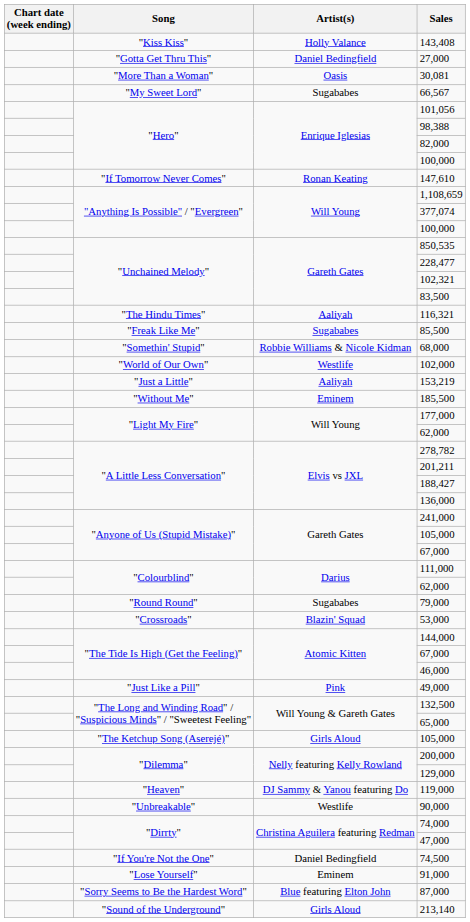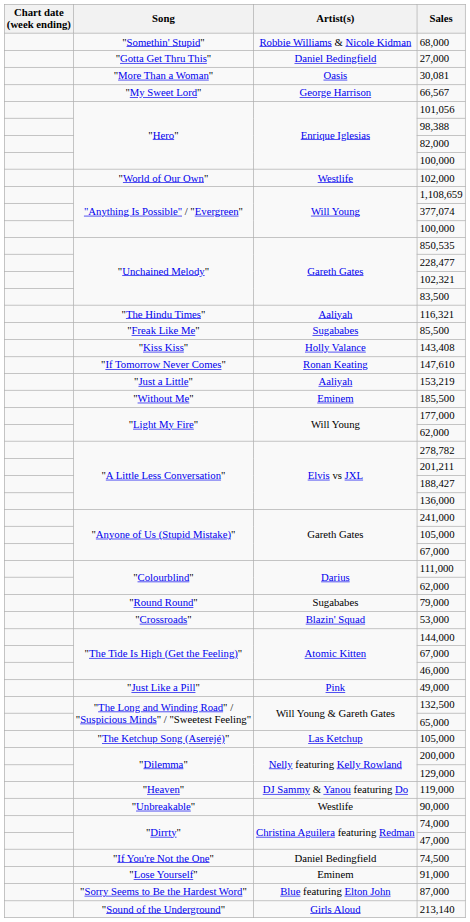 <table class="wikitable plainrowheaders">
 <tr>
 <th style="text-align:center;">Chart date <br>(week ending)</th>
 <th style="text-align:center;">Song</th>
 <th style="text-align:center;">Artist(s)</th>
 <th style="text-align:center;">Sales</th>
 </tr>
 <tr>
 <td style="text-align:left;"></td>
-<td style="text-align:center;">"<a href='#'>Kiss Kiss</a>"</td>
-<td style="text-align:center;"><a href='#'>Holly Valance</a></td>
-<td style="text-align:left;">143,408</td>
+<td style="text-align:center;">"<a href='#'>Somethin' Stupid</a>"</td>
+<td style="text-align:center;"><a href='#'>Robbie Williams</a> & <a href='#'>Nicole Kidman</a></td>
+<td style="text-align:left;">68,000</td>
 </tr>
 <tr>
 <td style="text-align:left;"></td>
 <td style="text-align:center;">"<a href='#'>Gotta Get Thru This</a>"</td>
 <td style="text-align:center;"><a href='#'>Daniel Bedingfield</a></td>
 <td style="text-align:left;">27,000</td>
 </tr>
 <tr>
 <td style="text-align:left;"></td>
 <td style="text-align:center;">"<a href='#'>More Than a Woman</a>"</td>
 <td style="text-align:center;"><a href='#'>Oasis</a></td>
 <td style="text-align:left;">30,081</td>
 </tr>
 <tr>
 <td style="text-align:left;"></td>
 <td style="text-align:center;">"<a href='#'>My Sweet Lord</a>"</td>
-<td style="text-align:center;">Sugababes</td>
+<td style="text-align:center;"><a href='#'>George Harrison</a></td>
 <td style="text-align:left;">66,567</td>
 </tr>
 <tr>
 <td style="text-align:left;"></td>
 <td style="text-align:center;" rowspan="4">"<a href='#'>Hero</a>"</td>
 <td style="text-align:center;" rowspan="4"><a href='#'>Enrique Iglesias</a></td>
 <td style="text-align:left;">101,056</td>
 </tr>
 <tr>
 <td style="text-align:left;"></td>
 <td style="text-align:left;">98,388</td>
 </tr>
 <tr>
 <td style="text-align:left;"></td>
 <td style="text-align:left;">82,000</td>
 </tr>
 <tr>
 <td style="text-align:left;"></td>
 <td style="text-align:left;">100,000</td>
 </tr>
 <tr>
 <td style="text-align:left;"></td>
-<td style="text-align:center;">"<a href='#'>If Tomorrow Never Comes</a>"</td>
-<td style="text-align:center;"><a href='#'>Ronan Keating</a></td>
-<td style="text-align:left;">147,610</td>
+<td style="text-align:center;">"<a href='#'>World of Our Own</a>"</td>
+<td style="text-align:center;"><a href='#'>Westlife</a></td>
+<td style="text-align:left;">102,000</td>
 </tr>
 <tr>
 <td style="text-align:left;"></td>
 <td style="text-align:center;" rowspan="3"><a href='#'>"Anything Is Possible"</a> / "<a href='#'>Evergreen</a>"</td>
 <td style="text-align:center;" rowspan="3"><a href='#'>Will Young</a></td>
 <td style="text-align:left;">1,108,659</td>
 </tr>
 <tr>
 <td style="text-align:left;"></td>
 <td style="text-align:left;">377,074</td>
 </tr>
 <tr>
 <td style="text-align:left;"></td>
 <td style="text-align:left;">100,000</td>
 </tr>
 <tr>
 <td style="text-align:left;"></td>
 <td style="text-align:center;" rowspan="4">"<a href='#'>Unchained Melody</a>"</td>
 <td style="text-align:center;" rowspan="4"><a href='#'>Gareth Gates</a></td>
 <td style="text-align:left;">850,535</td>
 </tr>
 <tr>
 <td style="text-align:left;"></td>
 <td style="text-align:left;">228,477</td>
 </tr>
 <tr>
 <td style="text-align:left;"></td>
 <td style="text-align:left;">102,321</td>
 </tr>
 <tr>
 <td style="text-align:left;"></td>
 <td style="text-align:left;">83,500</td>
 </tr>
 <tr>
 <td style="text-align:left;"></td>
 <td style="text-align:center;">"<a href='#'>The Hindu Times</a>"</td>
 <td style="text-align:center;"><a href='#'>Aaliyah</a></td>
 <td style="text-align:left;">116,321</td>
 </tr>
 <tr>
 <td style="text-align:left;"></td>
 <td style="text-align:center;">"<a href='#'>Freak Like Me</a>"</td>
 <td style="text-align:center;"><a href='#'>Sugababes</a></td>
 <td style="text-align:left;">85,500</td>
 </tr>
 <tr>
 <td style="text-align:left;"></td>
-<td style="text-align:center;">"<a href='#'>Somethin' Stupid</a>"</td>
-<td style="text-align:center;"><a href='#'>Robbie Williams</a> & <a href='#'>Nicole Kidman</a></td>
-<td style="text-align:left;">68,000</td>
+<td style="text-align:center;">"<a href='#'>Kiss Kiss</a>"</td>
+<td style="text-align:center;"><a href='#'>Holly Valance</a></td>
+<td style="text-align:left;">143,408</td>
 </tr>
 <tr>
 <td style="text-align:left;"></td>
-<td style="text-align:center;">"<a href='#'>World of Our Own</a>"</td>
-<td style="text-align:center;"><a href='#'>Westlife</a></td>
-<td style="text-align:left;">102,000</td>
+<td style="text-align:center;">"<a href='#'>If Tomorrow Never Comes</a>"</td>
+<td style="text-align:center;"><a href='#'>Ronan Keating</a></td>
+<td style="text-align:left;">147,610</td>
 </tr>
 <tr>
 <td style="text-align:left;"></td>
 <td style="text-align:center;">"<a href='#'>Just a Little</a>"</td>
 <td style="text-align:center;"><a href='#'>Aaliyah</a></td>
 <td style="text-align:left;">153,219</td>
 </tr>
 <tr>
 <td style="text-align:left;"></td>
 <td style="text-align:center;">"<a href='#'>Without Me</a>"</td>
 <td style="text-align:center;"><a href='#'>Eminem</a></td>
 <td style="text-align:left;">185,500</td>
 </tr>
 <tr>
 <td style="text-align:left;"></td>
 <td style="text-align:center;" rowspan="2">"<a href='#'>Light My Fire</a>"</td>
 <td style="text-align:center;" rowspan="2">Will Young</td>
 <td style="text-align:left;">177,000</td>
 </tr>
 <tr>
 <td style="text-align:left;"></td>
 <td style="text-align:left;">62,000</td>
 </tr>
 <tr>
 <td style="text-align:left;"></td>
 <td style="text-align:center;" rowspan="4">"<a href='#'>A Little Less Conversation</a>"</td>
 <td style="text-align:center;" rowspan="4"><a href='#'>Elvis</a> vs <a href='#'>JXL</a></td>
 <td style="text-align:left;">278,782</td>
 </tr>
 <tr>
 <td style="text-align:left;"></td>
 <td style="text-align:left;">201,211</td>
 </tr>
 <tr>
 <td style="text-align:left;"></td>
 <td style="text-align:left;">188,427</td>
 </tr>
 <tr>
 <td style="text-align:left;"></td>
 <td style="text-align:left;">136,000</td>
 </tr>
 <tr>
 <td style="text-align:left;"></td>
 <td style="text-align:center;" rowspan="3">"<a href='#'>Anyone of Us (Stupid Mistake)</a>"</td>
 <td style="text-align:center;" rowspan="3">Gareth Gates</td>
 <td style="text-align:left;">241,000</td>
 </tr>
 <tr>
 <td style="text-align:left;"></td>
 <td style="text-align:left;">105,000</td>
 </tr>
 <tr>
 <td style="text-align:left;"></td>
 <td style="text-align:left;">67,000</td>
 </tr>
 <tr>
 <td style="text-align:left;"></td>
 <td style="text-align:center;" rowspan="2">"<a href='#'>Colourblind</a>"</td>
 <td style="text-align:center;" rowspan="2"><a href='#'>Darius</a></td>
 <td style="text-align:left;">111,000</td>
 </tr>
 <tr>
 <td style="text-align:left;"></td>
 <td style="text-align:left;">62,000</td>
 </tr>
 <tr>
 <td style="text-align:left;"></td>
 <td style="text-align:center;">"<a href='#'>Round Round</a>"</td>
 <td style="text-align:center;">Sugababes</td>
 <td style="text-align:left;">79,000</td>
 </tr>
 <tr>
 <td style="text-align:left;"></td>
 <td style="text-align:center;">"<a href='#'>Crossroads</a>"</td>
 <td style="text-align:center;"><a href='#'>Blazin' Squad</a></td>
 <td style="text-align:left;">53,000</td>
 </tr>
 <tr>
 <td style="text-align:left;"></td>
 <td style="text-align:center;" rowspan="3">"<a href='#'>The Tide Is High (Get the Feeling)</a>"</td>
 <td style="text-align:center;" rowspan="3"><a href='#'>Atomic Kitten</a></td>
 <td style="text-align:left;">144,000</td>
 </tr>
 <tr>
 <td style="text-align:left;"></td>
 <td style="text-align:left;">67,000</td>
 </tr>
 <tr>
 <td style="text-align:left;"></td>
 <td style="text-align:left;">46,000</td>
 </tr>
 <tr>
 <td style="text-align:left;"></td>
 <td style="text-align:center;">"<a href='#'>Just Like a Pill</a>"</td>
 <td style="text-align:center;"><a href='#'>Pink</a></td>
 <td style="text-align:left;">49,000</td>
 </tr>
 <tr>
 <td style="text-align:left;"></td>
 <td style="text-align:center;" rowspan="2">"<a href='#'>The Long and Winding Road</a>" / <br> "<a href='#'>Suspicious Minds</a>" / "Sweetest Feeling"</td>
 <td style="text-align:center;" rowspan="2">Will Young & Gareth Gates</td>
 <td style="text-align:left;">132,500</td>
 </tr>
 <tr>
 <td style="text-align:left;"></td>
 <td style="text-align:left;">65,000</td>
 </tr>
 <tr>
 <td style="text-align:left;"></td>
 <td style="text-align:center;">"<a href='#'>The Ketchup Song (Aserejé)</a>"</td>
-<td style="text-align:center;"><a href='#'>Girls Aloud</a></td>
+<td style="text-align:center;"><a href='#'>Las Ketchup</a></td>
 <td style="text-align:left;">105,000</td>
 </tr>
 <tr>
 <td style="text-align:left;"></td>
 <td style="text-align:center;" rowspan="2">"<a href='#'>Dilemma</a>"</td>
 <td style="text-align:center;" rowspan="2"><a href='#'>Nelly</a> featuring <a href='#'>Kelly Rowland</a></td>
 <td style="text-align:left;">200,000</td>
 </tr>
 <tr>
 <td style="text-align:left;"></td>
 <td style="text-align:left;">129,000</td>
 </tr>
 <tr>
 <td style="text-align:left;"></td>
 <td style="text-align:center;">"<a href='#'>Heaven</a>"</td>
 <td style="text-align:center;"><a href='#'>DJ Sammy</a> & <a href='#'>Yanou</a> featuring <a href='#'>Do</a></td>
 <td style="text-align:left;">119,000</td>
 </tr>
 <tr>
 <td style="text-align:left;"></td>
 <td style="text-align:center;">"<a href='#'>Unbreakable</a>"</td>
 <td style="text-align:center;">Westlife</td>
 <td style="text-align:left;">90,000</td>
 </tr>
 <tr>
 <td style="text-align:left;"></td>
 <td style="text-align:center;" rowspan="2">"<a href='#'>Dirrty</a>"</td>
 <td style="text-align:center;" rowspan="2"><a href='#'>Christina Aguilera</a> featuring <a href='#'>Redman</a></td>
 <td style="text-align:left;">74,000</td>
 </tr>
 <tr>
 <td style="text-align:left;"></td>
 <td style="text-align:left;">47,000</td>
 </tr>
 <tr>
 <td style="text-align:left;"></td>
 <td style="text-align:center;">"<a href='#'>If You're Not the One</a>"</td>
 <td style="text-align:center;">Daniel Bedingfield</td>
 <td style="text-align:left;">74,500</td>
 </tr>
 <tr>
 <td style="text-align:left;"></td>
 <td style="text-align:center;">"<a href='#'>Lose Yourself</a>"</td>
 <td style="text-align:center;">Eminem</td>
 <td style="text-align:left;">91,000</td>
 </tr>
 <tr>
 <td style="text-align:left;"></td>
 <td style="text-align:center;">"<a href='#'>Sorry Seems to Be the Hardest Word</a>"</td>
 <td style="text-align:center;"><a href='#'>Blue</a> featuring <a href='#'>Elton John</a></td>
 <td style="text-align:left;">87,000</td>
 </tr>
 <tr>
 <td style="text-align:left;"></td>
 <td style="text-align:center;">"<a href='#'>Sound of the Underground</a>"</td>
 <td style="text-align:center;"><a href='#'>Girls Aloud</a></td>
 <td style="text-align:left;">213,140</td>
 </tr>
 </table>
